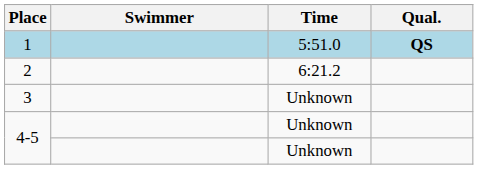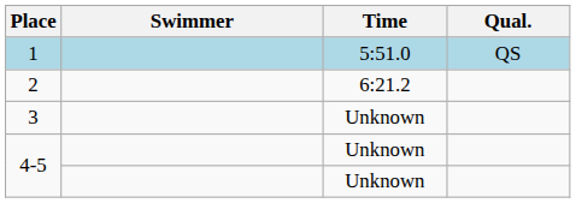 <table class=wikitable style="text-align:center">
 <tr>
 <th>Place</th>
 <th width=200>Swimmer</th>
 <th width=90>Time</th>
 <th width=90>Qual.</th>
 </tr>
 <tr bgcolor=lightblue>
 <td>1</td>
 <td align=left></td>
 <td>5:51.0</td>
-<td><strong>QS</strong></td>
+<td>QS</td>
 </tr>
 <tr>
 <td>2</td>
 <td align=left></td>
 <td>6:21.2</td>
 <td></td>
 </tr>
 <tr>
 <td>3</td>
 <td align=left></td>
 <td>Unknown</td>
 <td></td>
 </tr>
 <tr>
 <td rowspan=2>4-5</td>
 <td align=left></td>
 <td>Unknown</td>
 <td></td>
 </tr>
 <tr>
 <td align=left></td>
 <td>Unknown</td>
 <td></td>
 </tr>
 </table>
